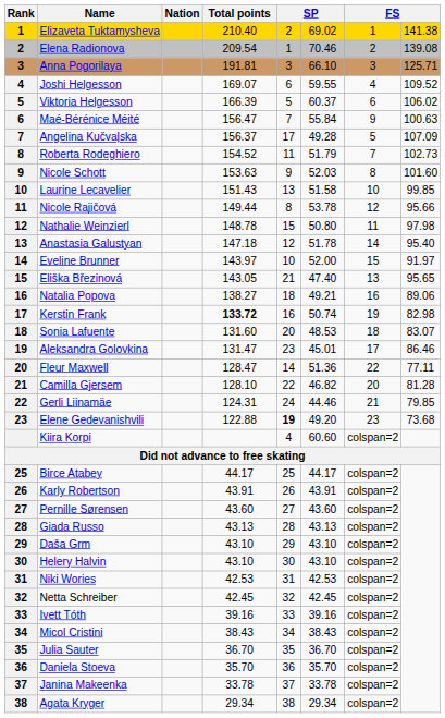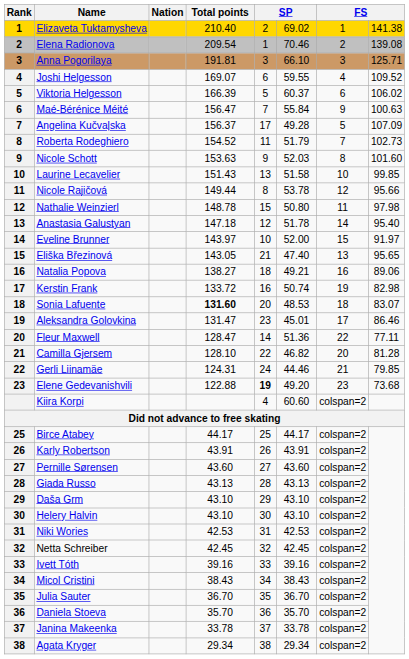 <table class="wikitable sortable">
 <tr>
 <th>Rank</th>
 <th>Name</th>
 <th>Nation</th>
 <th width="100px">Total points</th>
 <th colspan="2" width="90px" align="center"><a href='#'>SP</a></th>
 <th colspan="2" width="90px" align="center"><a href='#'>FS</a></th>
 </tr>
 <tr bgcolor="gold">
 <td align="center" bgcolor="gold"><strong>1</strong></td>
 <td><a href='#'>Elizaveta Tuktamysheva</a></td>
 <td></td>
 <td align="center">210.40</td>
 <td align="center">2</td>
 <td align="center">69.02</td>
 <td align="center">1</td>
 <td align="center">141.38</td>
 </tr>
 <tr bgcolor="silver">
 <td align="center" bgcolor="silver"><strong>2</strong></td>
 <td><a href='#'>Elena Radionova</a></td>
 <td></td>
 <td align="center">209.54</td>
 <td align="center">1</td>
 <td align="center">70.46</td>
 <td align="center">2</td>
 <td align="center">139.08</td>
 </tr>
 <tr bgcolor="#cc9966">
 <td align="center" bgcolor="#cc9966"><strong>3</strong></td>
 <td><a href='#'>Anna Pogorilaya</a></td>
 <td></td>
 <td align="center">191.81</td>
 <td align="center">3</td>
 <td align="center">66.10</td>
 <td align="center">3</td>
 <td align="center">125.71</td>
 </tr>
 <tr>
 <th>4</th>
 <td><a href='#'>Joshi Helgesson</a></td>
 <td></td>
 <td align="center">169.07</td>
 <td align="center">6</td>
 <td align="center">59.55</td>
 <td align="center">4</td>
 <td align="center">109.52</td>
 </tr>
 <tr>
 <th>5</th>
 <td><a href='#'>Viktoria Helgesson</a></td>
 <td></td>
 <td align="center">166.39</td>
 <td align="center">5</td>
 <td align="center">60.37</td>
 <td align="center">6</td>
 <td align="center">106.02</td>
 </tr>
 <tr>
 <th>6</th>
 <td><a href='#'>Maé-Bérénice Méité</a></td>
 <td></td>
 <td align="center">156.47</td>
 <td align="center">7</td>
 <td align="center">55.84</td>
 <td align="center">9</td>
 <td align="center">100.63</td>
 </tr>
 <tr>
 <th>7</th>
 <td><a href='#'>Angelina Kučvaļska</a></td>
 <td></td>
 <td align="center">156.37</td>
 <td align="center">17</td>
 <td align="center">49.28</td>
 <td align="center">5</td>
 <td align="center">107.09</td>
 </tr>
 <tr>
 <th>8</th>
 <td><a href='#'>Roberta Rodeghiero</a></td>
 <td></td>
 <td align="center">154.52</td>
 <td align="center">11</td>
 <td align="center">51.79</td>
 <td align="center">7</td>
 <td align="center">102.73</td>
 </tr>
 <tr>
 <th>9</th>
 <td><a href='#'>Nicole Schott</a></td>
 <td></td>
 <td align="center">153.63</td>
 <td align="center">9</td>
 <td align="center">52.03</td>
 <td align="center">8</td>
 <td align="center">101.60</td>
 </tr>
 <tr>
 <th>10</th>
 <td><a href='#'>Laurine Lecavelier</a></td>
 <td></td>
 <td align="center">151.43</td>
 <td align="center">13</td>
 <td align="center">51.58</td>
 <td align="center">10</td>
 <td align="center">99.85</td>
 </tr>
 <tr>
 <th>11</th>
 <td><a href='#'>Nicole Rajičová</a></td>
 <td></td>
 <td align="center">149.44</td>
 <td align="center">8</td>
 <td align="center">53.78</td>
 <td align="center">12</td>
 <td align="center">95.66</td>
 </tr>
 <tr>
 <th>12</th>
 <td><a href='#'>Nathalie Weinzierl</a></td>
 <td></td>
 <td align="center">148.78</td>
 <td align="center">15</td>
 <td align="center">50.80</td>
 <td align="center">11</td>
 <td align="center">97.98</td>
 </tr>
 <tr>
 <th>13</th>
 <td><a href='#'>Anastasia Galustyan</a></td>
 <td></td>
 <td align="center">147.18</td>
 <td align="center">12</td>
 <td align="center">51.78</td>
 <td align="center">14</td>
 <td align="center">95.40</td>
 </tr>
 <tr>
 <th>14</th>
 <td><a href='#'>Eveline Brunner</a></td>
 <td></td>
 <td align="center">143.97</td>
 <td align="center">10</td>
 <td align="center">52.00</td>
 <td align="center">15</td>
 <td align="center">91.97</td>
 </tr>
 <tr>
 <th>15</th>
 <td><a href='#'>Eliška Březinová</a></td>
 <td></td>
 <td align="center">143.05</td>
 <td align="center">21</td>
 <td align="center">47.40</td>
 <td align="center">13</td>
 <td align="center">95.65</td>
 </tr>
 <tr>
 <th>16</th>
 <td><a href='#'>Natalia Popova</a></td>
 <td></td>
 <td align="center">138.27</td>
 <td align="center">18</td>
 <td align="center">49.21</td>
 <td align="center">16</td>
 <td align="center">89.06</td>
 </tr>
 <tr>
 <th>17</th>
 <td><a href='#'>Kerstin Frank</a></td>
 <td></td>
-<td align="center"><strong>133.72</strong></td>
+<td align="center">133.72</td>
 <td align="center">16</td>
 <td align="center">50.74</td>
 <td align="center">19</td>
 <td align="center">82.98</td>
 </tr>
 <tr>
 <th>18</th>
 <td><a href='#'>Sonia Lafuente</a></td>
 <td></td>
-<td align="center">131.60</td>
+<td align="center"><strong>131.60</strong></td>
 <td align="center">20</td>
 <td align="center">48.53</td>
 <td align="center">18</td>
 <td align="center">83.07</td>
 </tr>
 <tr>
 <th>19</th>
 <td><a href='#'>Aleksandra Golovkina</a></td>
 <td></td>
 <td align="center">131.47</td>
 <td align="center">23</td>
 <td align="center">45.01</td>
 <td align="center">17</td>
 <td align="center">86.46</td>
 </tr>
 <tr>
 <th>20</th>
 <td><a href='#'>Fleur Maxwell</a></td>
 <td></td>
 <td align="center">128.47</td>
 <td align="center">14</td>
 <td align="center">51.36</td>
 <td align="center">22</td>
 <td align="center">77.11</td>
 </tr>
 <tr>
 <th>21</th>
 <td><a href='#'>Camilla Gjersem</a></td>
 <td></td>
 <td align="center">128.10</td>
 <td align="center">22</td>
 <td align="center">46.82</td>
 <td align="center">20</td>
 <td align="center">81.28</td>
 </tr>
 <tr>
 <th>22</th>
 <td><a href='#'>Gerli Liinamäe</a></td>
 <td></td>
 <td align="center">124.31</td>
 <td align="center">24</td>
 <td align="center">44.46</td>
 <td align="center">21</td>
 <td align="center">79.85</td>
 </tr>
 <tr>
 <th>23</th>
 <td><a href='#'>Elene Gedevanishvili</a></td>
 <td></td>
 <td align="center">122.88</td>
 <td align="center"><strong>19</strong></td>
 <td align="center">49.20</td>
 <td align="center">23</td>
 <td align="center">73.68</td>
 </tr>
 <tr>
 <th></th>
 <td><a href='#'>Kiira Korpi</a></td>
 <td></td>
 <td></td>
 <td align="center">4</td>
 <td align="center">60.60</td>
 <td>colspan=2 </td>
 </tr>
 <tr>
 <th colspan="8">Did not advance to free skating</th>
 </tr>
 <tr>
 <th>25</th>
 <td><a href='#'>Birce Atabey</a></td>
 <td></td>
 <td align="center">44.17</td>
 <td align="center">25</td>
 <td align="center">44.17</td>
 <td>colspan=2 </td>
 </tr>
 <tr>
 <th>26</th>
 <td><a href='#'>Karly Robertson</a></td>
 <td></td>
 <td align="center">43.91</td>
 <td align="center">26</td>
 <td align="center">43.91</td>
 <td>colspan=2 </td>
 </tr>
 <tr>
 <th>27</th>
 <td><a href='#'>Pernille Sørensen</a></td>
 <td></td>
 <td align="center">43.60</td>
 <td align="center">27</td>
 <td align="center">43.60</td>
 <td>colspan=2 </td>
 </tr>
 <tr>
 <th>28</th>
 <td><a href='#'>Giada Russo</a></td>
 <td></td>
 <td align="center">43.13</td>
 <td align="center">28</td>
 <td align="center">43.13</td>
 <td>colspan=2 </td>
 </tr>
 <tr>
 <th>29</th>
 <td><a href='#'>Daša Grm</a></td>
 <td></td>
 <td align="center">43.10</td>
 <td align="center">29</td>
 <td align="center">43.10</td>
 <td>colspan=2 </td>
 </tr>
 <tr>
 <th>30</th>
 <td><a href='#'>Helery Halvin</a></td>
 <td></td>
 <td align="center">43.10</td>
 <td align="center">30</td>
 <td align="center">43.10</td>
 <td>colspan=2 </td>
 </tr>
 <tr>
 <th>31</th>
 <td><a href='#'>Niki Wories</a></td>
 <td></td>
 <td align="center">42.53</td>
 <td align="center">31</td>
 <td align="center">42.53</td>
 <td>colspan=2 </td>
 </tr>
 <tr>
 <th>32</th>
 <td>Netta Schreiber</td>
 <td></td>
 <td align="center">42.45</td>
 <td align="center">32</td>
 <td align="center">42.45</td>
 <td>colspan=2 </td>
 </tr>
 <tr>
 <th>33</th>
 <td><a href='#'>Ivett Tóth</a></td>
 <td></td>
 <td align="center">39.16</td>
 <td align="center">33</td>
 <td align="center">39.16</td>
 <td>colspan=2 </td>
 </tr>
 <tr>
 <th>34</th>
 <td><a href='#'>Micol Cristini</a></td>
 <td></td>
 <td align="center">38.43</td>
 <td align="center">34</td>
 <td align="center">38.43</td>
 <td>colspan=2 </td>
 </tr>
 <tr>
 <th>35</th>
 <td><a href='#'>Julia Sauter</a></td>
 <td></td>
 <td align="center">36.70</td>
 <td align="center">35</td>
 <td align="center">36.70</td>
 <td>colspan=2 </td>
 </tr>
 <tr>
 <th>36</th>
 <td><a href='#'>Daniela Stoeva</a></td>
 <td></td>
 <td align="center">35.70</td>
 <td align="center">36</td>
 <td align="center">35.70</td>
 <td>colspan=2 </td>
 </tr>
 <tr>
 <th>37</th>
 <td><a href='#'>Janina Makeenka</a></td>
 <td></td>
 <td align="center">33.78</td>
 <td align="center">37</td>
 <td align="center">33.78</td>
 <td>colspan=2 </td>
 </tr>
 <tr>
 <th>38</th>
 <td><a href='#'>Agata Kryger</a></td>
 <td></td>
 <td align="center">29.34</td>
 <td align="center">38</td>
 <td align="center">29.34</td>
 <td>colspan=2 </td>
 </tr>
 </table>
